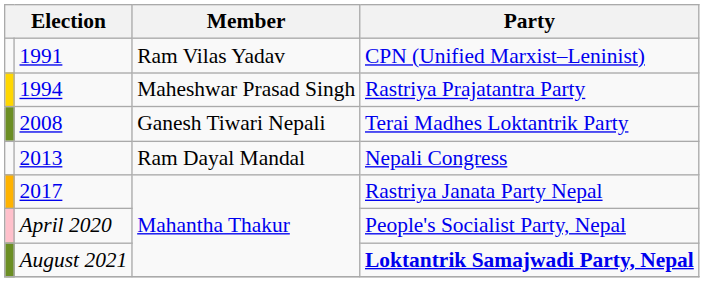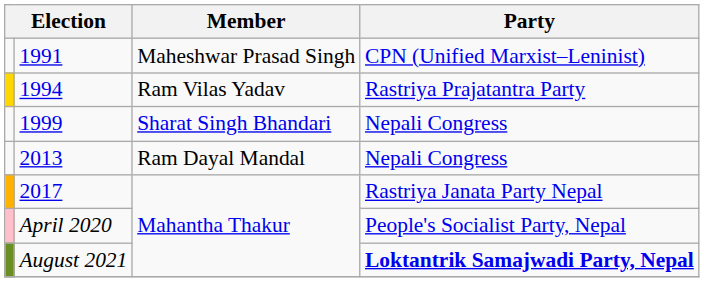 <table class="wikitable">
 <tr>
 <th colspan="2">Election</th>
 <th>Member</th>
 <th>Party</th>
 </tr>
 <tr>
 <td style="background-color:"></td>
 <td><a href='#'>1991</a></td>
-<td>Ram Vilas Yadav</td>
+<td>Maheshwar Prasad Singh</td>
 <td><a href='#'>CPN (Unified Marxist–Leninist)</a></td>
 </tr>
 <tr>
 <td style="background-color:gold"></td>
 <td><a href='#'>1994</a></td>
-<td>Maheshwar Prasad Singh</td>
+<td>Ram Vilas Yadav</td>
 <td><a href='#'>Rastriya Prajatantra Party</a></td>
 </tr>
 <tr>
-<td style="background-color:olivedrab"></td>
-<td><a href='#'>2008</a></td>
-<td>Ganesh Tiwari Nepali</td>
-<td><a href='#'>Terai Madhes Loktantrik Party</a></td>
+<td style="background-color:"></td>
+<td><a href='#'>1999</a></td>
+<td><a href='#'>Sharat Singh Bhandari</a></td>
+<td><a href='#'>Nepali Congress</a></td>
 </tr>
 <tr>
 <td style="background-color:"></td>
 <td><a href='#'>2013</a></td>
 <td>Ram Dayal Mandal</td>
 <td><a href='#'>Nepali Congress</a></td>
 </tr>
 <tr>
 <td style="background-color:#ffb300"></td>
 <td><a href='#'>2017</a></td>
 <td rowspan="3"><a href='#'>Mahantha Thakur</a></td>
 <td><a href='#'>Rastriya Janata Party Nepal</a></td>
 </tr>
 <tr>
 <td style="background-color:pink"></td>
 <td><em>April 2020</em></td>
 <td><a href='#'>People's Socialist Party, Nepal</a></td>
 </tr>
 <tr>
 <td style="background-color:olivedrab"></td>
 <td><em>August 2021</em></td>
 <td><strong><a href='#'>Loktantrik Samajwadi Party, Nepal</a></strong></td>
 </tr>
 <tr>
 </tr>
 </table>
